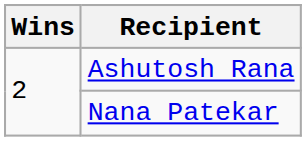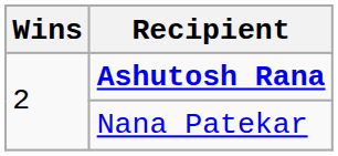 <table class="wikitable">
 <tr>
 <th>Wins</th>
 <th>Recipient</th>
 </tr>
 <tr>
 <td rowspan="2">2</td>
-<td><a href='#'>Ashutosh Rana</a></td>
+<td><strong><a href='#'>Ashutosh Rana</a></strong></td>
 </tr>
 <tr>
 <td><a href='#'>Nana Patekar</a></td>
 </tr>
 </table>
